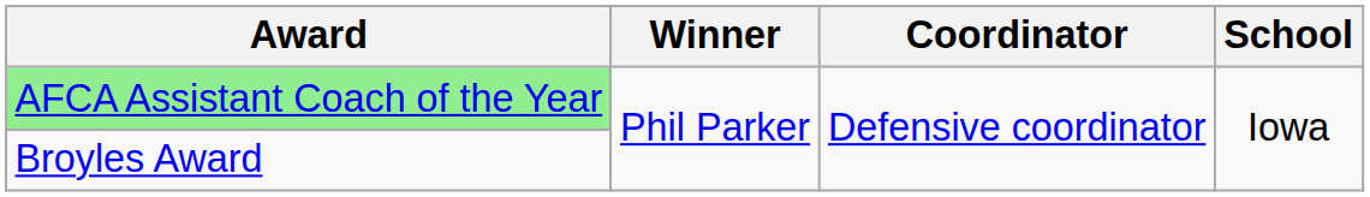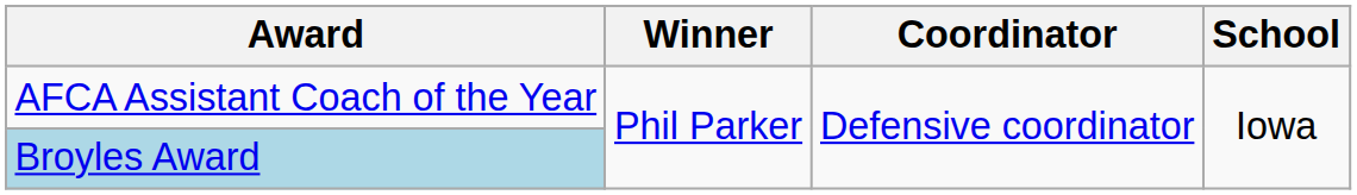 <table class="wikitable sortable">
 <tr>
 <th>Award</th>
 <th>Winner</th>
 <th>Coordinator</th>
 <th>School</th>
 </tr>
 <tr>
-<td style="background: lightgreen;"><a href='#'>AFCA Assistant Coach of the Year</a></td>
+<td><a href='#'>AFCA Assistant Coach of the Year</a></td>
 <td rowspan=2><a href='#'>Phil Parker</a></td>
 <td rowspan=2 align=center><a href='#'>Defensive coordinator</a></td>
 <td rowspan=2 align=center>Iowa</td>
 </tr>
 <tr>
-<td><a href='#'>Broyles Award</a></td>
+<td style="background: lightblue;"><a href='#'>Broyles Award</a></td>
 </tr>
 </table>
